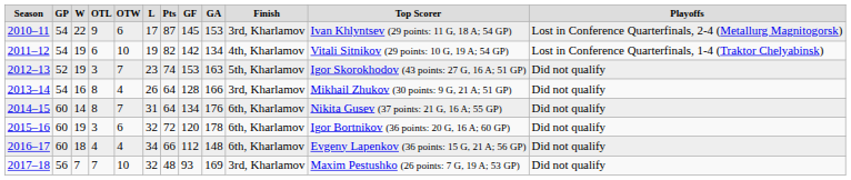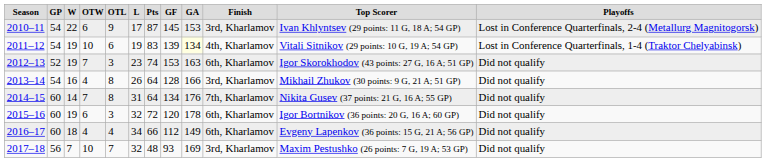 <table class="wikitable">
 <tr style="text-align:center; font-size:small; background:#ddd; padding:5px;"|>
 <td><strong>Season</strong></td>
 <td><strong>GP</strong></td>
 <td><strong>W</strong></td>
+<td><strong>OTW</strong></td>
 <td><strong>OTL</strong></td>
-<td><strong>OTW</strong></td>
 <td><strong>L</strong></td>
 <td><strong>Pts</strong></td>
 <td><strong>GF</strong></td>
 <td><strong>GA</strong></td>
 <td><strong>Finish</strong></td>
 <td><strong>Top Scorer</strong></td>
 <td><strong>Playoffs</strong></td>
 </tr>
 <tr style="background:#eee;">
 <td><a href='#'>2010–11</a></td>
 <td>54</td>
 <td>22</td>
+<td>6</td>
 <td>9</td>
-<td>6</td>
 <td>17</td>
 <td>87</td>
 <td>145</td>
 <td>153</td>
 <td>3rd, Kharlamov</td>
 <td><a href='#'>Ivan Khlyntsev</a> <small>(29 points: 11 G, 18 A; 54 GP)</small></td>
 <td>Lost in Conference Quarterfinals, 2-4 (<a href='#'>Metallurg Magnitogorsk</a>)</td>
 </tr>
 <tr>
 <td><a href='#'>2011–12</a></td>
 <td>54</td>
 <td>19</td>
+<td>10</td>
 <td>6</td>
-<td>10</td>
 <td>19</td>
-<td>82</td>
-<td>142</td>
-<td>134</td>
+<td>83</td>
+<td>139</td>
+<td style="background: lightyellow;">134</td>
 <td>4th, Kharlamov</td>
 <td><a href='#'>Vitali Sitnikov</a> <small>(29 points: 10 G, 19 A; 54 GP)</small></td>
 <td>Lost in Conference Quarterfinals, 1-4 (<a href='#'>Traktor Chelyabinsk</a>)</td>
 </tr>
 <tr style="background:#eee;">
 <td><a href='#'>2012–13</a></td>
 <td>52</td>
 <td>19</td>
+<td>7</td>
 <td>3</td>
-<td>7</td>
 <td>23</td>
 <td>74</td>
 <td>153</td>
 <td>163</td>
-<td>5th, Kharlamov</td>
+<td>6th, Kharlamov</td>
 <td><a href='#'>Igor Skorokhodov</a> <small>(43 points: 27 G, 16 A; 51 GP)</small></td>
 <td>Did not qualify</td>
 </tr>
 <tr>
 <td><a href='#'>2013–14</a></td>
 <td>54</td>
 <td>16</td>
+<td>4</td>
 <td>8</td>
-<td>4</td>
 <td>26</td>
 <td>64</td>
 <td>128</td>
 <td>166</td>
 <td>3rd, Kharlamov</td>
 <td><a href='#'>Mikhail Zhukov</a> <small>(30 points: 9 G, 21 A; 51 GP)</small></td>
 <td>Did not qualify</td>
 </tr>
 <tr style="background:#eee;">
 <td><a href='#'>2014–15</a></td>
 <td>60</td>
 <td>14</td>
+<td>7</td>
 <td>8</td>
-<td>7</td>
 <td>31</td>
 <td>64</td>
 <td>134</td>
 <td>176</td>
-<td>6th, Kharlamov</td>
+<td>7th, Kharlamov</td>
 <td><a href='#'>Nikita Gusev</a> <small>(37 points: 21 G, 16 A; 55 GP)</small></td>
 <td>Did not qualify</td>
 </tr>
 <tr>
 <td><a href='#'>2015–16</a></td>
 <td>60</td>
 <td>19</td>
+<td>6</td>
 <td>3</td>
-<td>6</td>
 <td>32</td>
 <td>72</td>
 <td>120</td>
 <td>178</td>
 <td>6th, Kharlamov</td>
 <td><a href='#'>Igor Bortnikov</a> <small>(36 points: 20 G, 16 A; 60 GP)</small></td>
 <td>Did not qualify</td>
 </tr>
 <tr style="background:#eee;">
 <td><a href='#'>2016–17</a></td>
 <td>60</td>
 <td>18</td>
 <td>4</td>
 <td>4</td>
 <td>34</td>
 <td>66</td>
 <td>112</td>
-<td>148</td>
+<td>149</td>
 <td>6th, Kharlamov</td>
 <td><a href='#'>Evgeny Lapenkov</a> <small>(36 points: 15 G, 21 A; 56 GP)</small></td>
 <td>Did not qualify</td>
 </tr>
 <tr>
 <td><a href='#'>2017–18</a></td>
 <td>56</td>
 <td>7</td>
+<td>10</td>
 <td>7</td>
-<td>10</td>
 <td>32</td>
 <td>48</td>
 <td>93</td>
 <td>169</td>
 <td>3rd, Kharlamov</td>
 <td><a href='#'>Maxim Pestushko</a> <small>(26 points: 7 G, 19 A; 53 GP)</small></td>
 <td>Did not qualify</td>
 </tr>
 </table>
